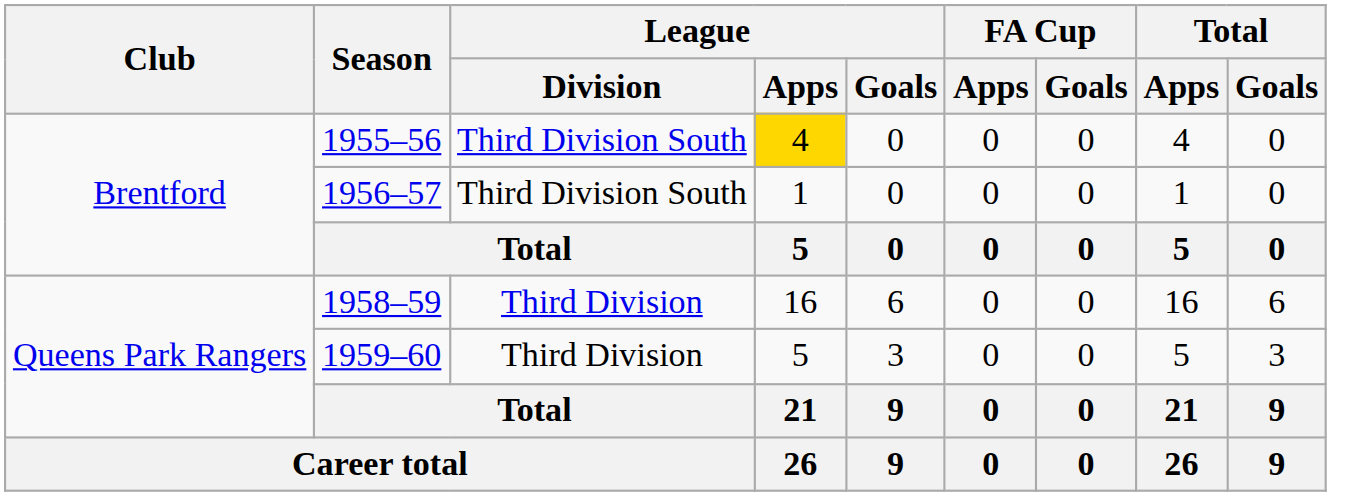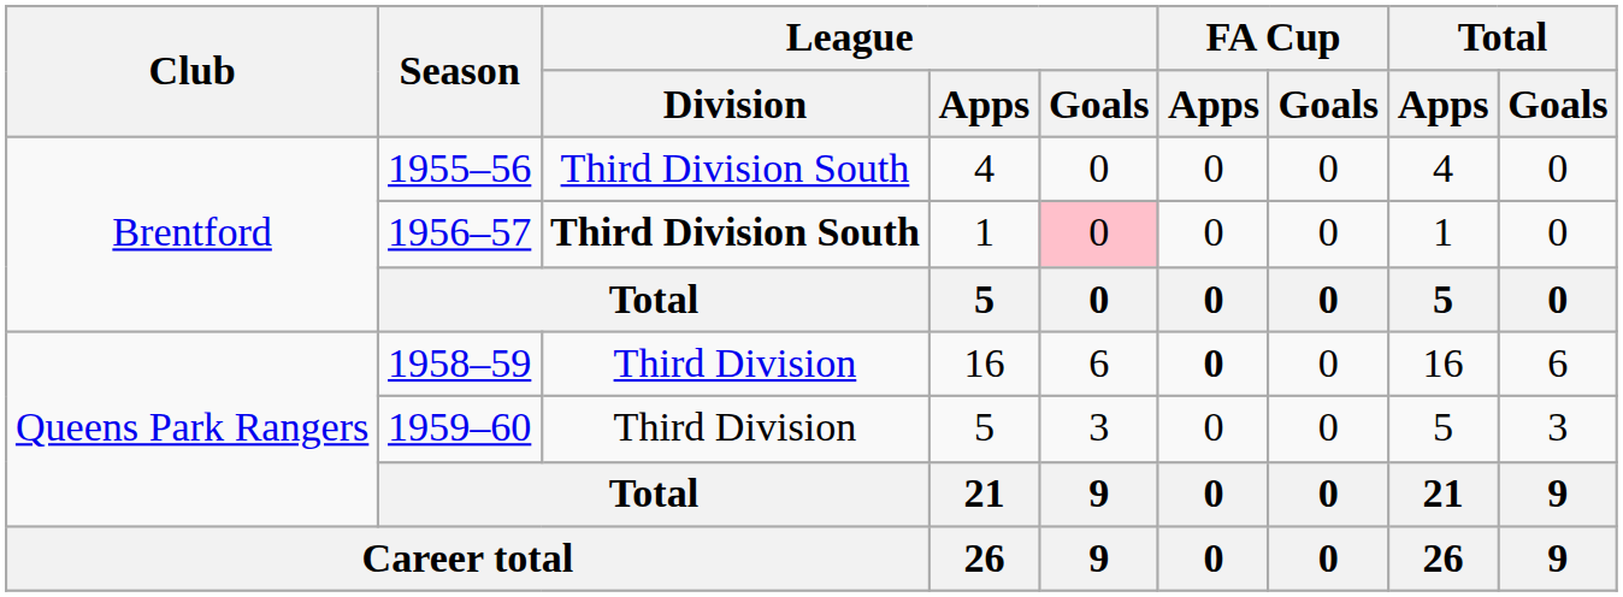 <table class="wikitable" style="text-align: center;">
 <tr>
 <th rowspan="2">Club</th>
 <th rowspan="2">Season</th>
 <th colspan="3">League</th>
 <th colspan="2">FA Cup</th>
 <th colspan="2">Total</th>
 </tr>
 <tr>
 <th>Division</th>
 <th>Apps</th>
 <th>Goals</th>
 <th>Apps</th>
 <th>Goals</th>
 <th>Apps</th>
 <th>Goals</th>
 </tr>
 <tr>
 <td rowspan="3"><a href='#'>Brentford</a></td>
 <td><a href='#'>1955–56</a></td>
 <td><a href='#'>Third Division South</a></td>
-<td style="background: gold;">4</td>
+<td>4</td>
 <td>0</td>
 <td>0</td>
 <td>0</td>
 <td>4</td>
 <td>0</td>
 </tr>
 <tr>
 <td><a href='#'>1956–57</a></td>
-<td>Third Division South</td>
+<td><strong>Third Division South</strong></td>
 <td>1</td>
-<td>0</td>
+<td style="background: pink;">0</td>
 <td>0</td>
 <td>0</td>
 <td>1</td>
 <td>0</td>
 </tr>
 <tr>
 <th colspan="2">Total</th>
 <th>5</th>
 <th>0</th>
 <th>0</th>
 <th>0</th>
 <th>5</th>
 <th>0</th>
 </tr>
 <tr>
 <td rowspan="3"><a href='#'>Queens Park Rangers</a></td>
 <td><a href='#'>1958–59</a></td>
 <td><a href='#'>Third Division</a></td>
 <td>16</td>
 <td>6</td>
-<td>0</td>
+<td><strong>0</strong></td>
 <td>0</td>
 <td>16</td>
 <td>6</td>
 </tr>
 <tr>
 <td><a href='#'>1959–60</a></td>
 <td>Third Division</td>
 <td>5</td>
 <td>3</td>
 <td>0</td>
 <td>0</td>
 <td>5</td>
 <td>3</td>
 </tr>
 <tr>
 <th colspan="2">Total</th>
 <th>21</th>
 <th>9</th>
 <th>0</th>
 <th>0</th>
 <th>21</th>
 <th>9</th>
 </tr>
 <tr>
 <th colspan="3">Career total</th>
 <th>26</th>
 <th>9</th>
 <th>0</th>
 <th>0</th>
 <th>26</th>
 <th>9</th>
 </tr>
 </table>
